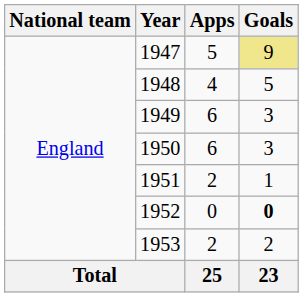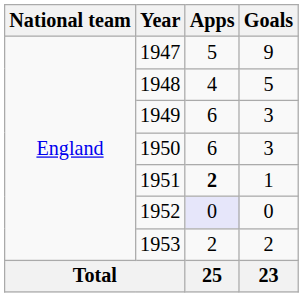 <table class="wikitable" style="text-align:center">
 <tr>
 <th>National team</th>
 <th>Year</th>
 <th>Apps</th>
 <th>Goals</th>
 </tr>
 <tr>
 <td rowspan="7"><a href='#'>England</a></td>
 <td>1947</td>
 <td>5</td>
-<td style="background: khaki;">9</td>
+<td>9</td>
 </tr>
 <tr>
 <td>1948</td>
 <td>4</td>
 <td>5</td>
 </tr>
 <tr>
 <td>1949</td>
 <td>6</td>
 <td>3</td>
 </tr>
 <tr>
 <td>1950</td>
 <td>6</td>
 <td>3</td>
 </tr>
 <tr>
 <td>1951</td>
-<td>2</td>
+<td><strong>2</strong></td>
 <td>1</td>
 </tr>
 <tr>
 <td>1952</td>
+<td style="background: lavender;">0</td>
 <td>0</td>
-<td><strong>0</strong></td>
 </tr>
 <tr>
 <td>1953</td>
 <td>2</td>
 <td>2</td>
 </tr>
 <tr>
 <th colspan="2">Total</th>
 <th>25</th>
 <th>23</th>
 </tr>
 </table>
